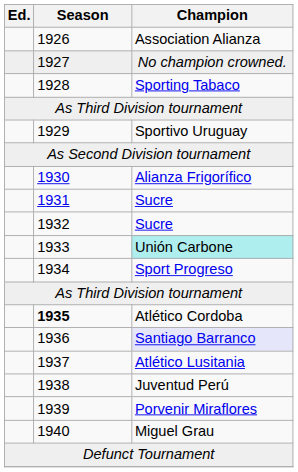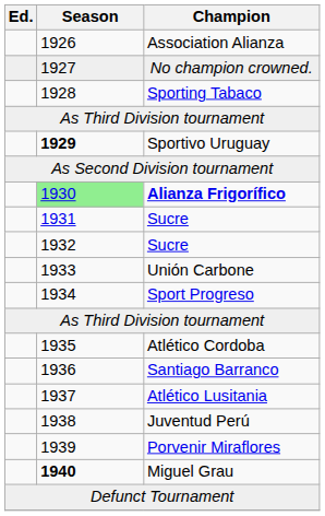 <table class="wikitable sortable">
 <tr>
 <th width=px>Ed.</th>
 <th width="100">Season</th>
 <th width="170">Champion</th>
 </tr>
 <tr>
 <td></td>
 <td>1926</td>
 <td>Association Alianza</td>
 </tr>
 <tr bgcolor=#efefef>
 <td></td>
 <td>1927</td>
 <td colspan="1" style="text-align:center;"><em>No champion crowned.</em></td>
 </tr>
 <tr>
 <td></td>
 <td>1928</td>
 <td><a href='#'>Sporting Tabaco</a></td>
 </tr>
 <tr bgcolor=#efefef>
 <td colspan="3" align=center><em>As Third Division tournament</em></td>
 </tr>
 <tr>
 <td></td>
-<td>1929</td>
+<td><strong>1929</strong></td>
 <td>Sportivo Uruguay</td>
 </tr>
 <tr bgcolor=#efefef>
 <td colspan="3" align=center><em>As Second Division tournament</em></td>
 </tr>
 <tr>
 <td></td>
-<td><a href='#'>1930</a></td>
-<td><a href='#'>Alianza Frigorífico</a></td>
+<td style="background: lightgreen;"><a href='#'>1930</a></td>
+<td><strong><a href='#'>Alianza Frigorífico</a></strong></td>
 </tr>
 <tr>
 <td></td>
 <td><a href='#'>1931</a></td>
 <td><a href='#'>Sucre</a></td>
 </tr>
 <tr>
 <td></td>
 <td>1932</td>
 <td><a href='#'>Sucre</a></td>
 </tr>
 <tr>
 <td></td>
 <td>1933</td>
-<td style="background: paleturquoise;">Unión Carbone</td>
+<td>Unión Carbone</td>
 </tr>
 <tr>
 <td></td>
 <td>1934</td>
 <td><a href='#'>Sport Progreso</a></td>
 </tr>
 <tr bgcolor=#efefef>
 <td colspan="3" align=center><em>As Third Division tournament</em></td>
 </tr>
 <tr>
 <td></td>
-<td><strong>1935</strong></td>
+<td>1935</td>
 <td>Atlético Cordoba</td>
 </tr>
 <tr>
 <td></td>
 <td>1936</td>
-<td style="background: lavender;"><a href='#'>Santiago Barranco</a></td>
+<td><a href='#'>Santiago Barranco</a></td>
 </tr>
 <tr>
 <td></td>
 <td>1937</td>
 <td><a href='#'>Atlético Lusitania</a></td>
 </tr>
 <tr>
 <td></td>
 <td>1938</td>
 <td>Juventud Perú</td>
 </tr>
 <tr>
 <td></td>
 <td>1939</td>
 <td><a href='#'>Porvenir Miraflores</a></td>
 </tr>
 <tr>
 <td></td>
-<td>1940</td>
+<td><strong>1940</strong></td>
 <td>Miguel Grau</td>
 </tr>
 <tr bgcolor=#efefef>
 <td colspan="3" style="text-align:center;"><em>Defunct Tournament</em></td>
 </tr>
 <tr>
 </tr>
 </table>
